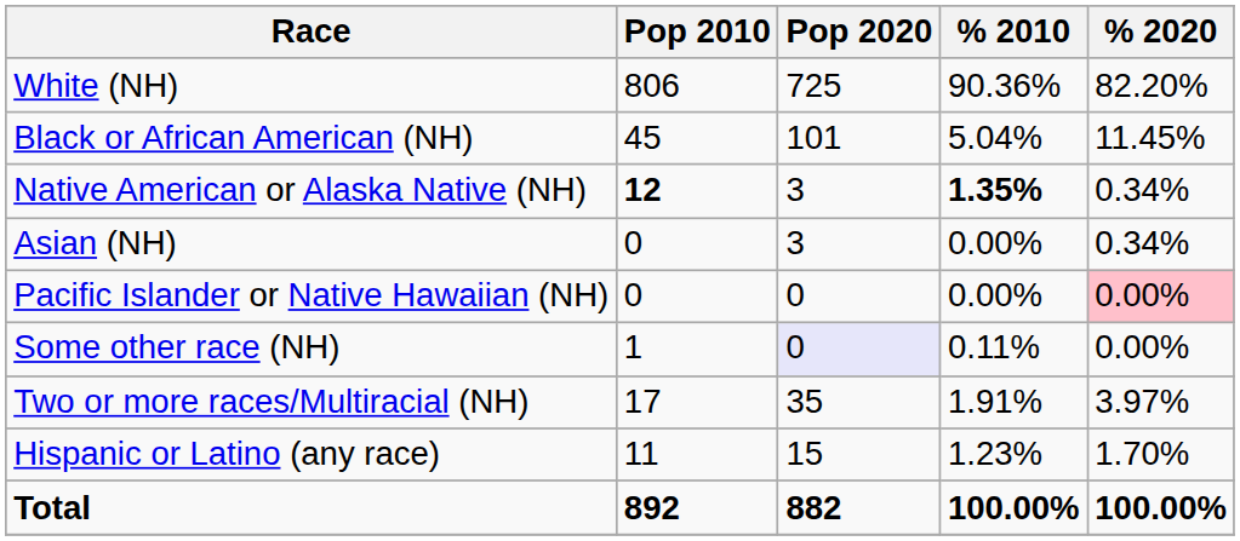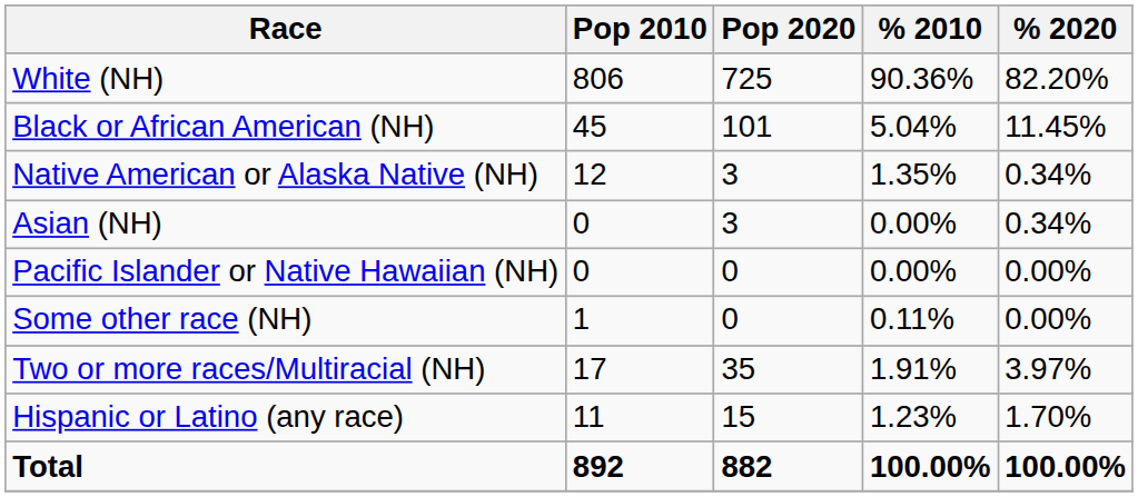 <table class="wikitable">
 <tr>
 <th>Race</th>
 <th>Pop 2010</th>
 <th>Pop 2020</th>
 <th>% 2010</th>
 <th>% 2020</th>
 </tr>
 <tr>
 <td><a href='#'>White</a> (NH)</td>
 <td>806</td>
 <td>725</td>
 <td>90.36%</td>
 <td>82.20%</td>
 </tr>
 <tr>
 <td><a href='#'>Black or African American</a> (NH)</td>
 <td>45</td>
 <td>101</td>
 <td>5.04%</td>
 <td>11.45%</td>
 </tr>
 <tr>
 <td><a href='#'>Native American</a> or <a href='#'>Alaska Native</a> (NH)</td>
-<td><strong>12</strong></td>
+<td>12</td>
 <td>3</td>
-<td><strong>1.35%</strong></td>
+<td>1.35%</td>
 <td>0.34%</td>
 </tr>
 <tr>
 <td><a href='#'>Asian</a> (NH)</td>
 <td>0</td>
 <td>3</td>
 <td>0.00%</td>
 <td>0.34%</td>
 </tr>
 <tr>
 <td><a href='#'>Pacific Islander</a> or <a href='#'>Native Hawaiian</a> (NH)</td>
 <td>0</td>
 <td>0</td>
 <td>0.00%</td>
-<td style="background: pink;">0.00%</td>
+<td>0.00%</td>
 </tr>
 <tr>
 <td><a href='#'>Some other race</a> (NH)</td>
 <td>1</td>
-<td style="background: lavender;">0</td>
+<td>0</td>
 <td>0.11%</td>
 <td>0.00%</td>
 </tr>
 <tr>
 <td><a href='#'>Two or more races/Multiracial</a> (NH)</td>
 <td>17</td>
 <td>35</td>
 <td>1.91%</td>
 <td>3.97%</td>
 </tr>
 <tr>
 <td><a href='#'>Hispanic or Latino</a> (any race)</td>
 <td>11</td>
 <td>15</td>
 <td>1.23%</td>
 <td>1.70%</td>
 </tr>
 <tr>
 <td><strong>Total</strong></td>
 <td><strong>892</strong></td>
 <td><strong>882</strong></td>
 <td><strong>100.00%</strong></td>
 <td><strong>100.00%</strong></td>
 </tr>
 <tr>
 </tr>
 </table>
